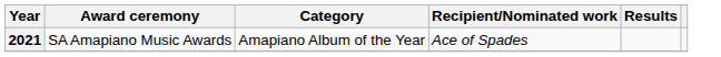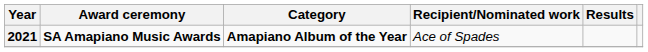 <table class="wikitable plainrowheaders">
 <tr>
 <th>Year</th>
 <th>Award ceremony</th>
 <th>Category</th>
 <th>Recipient/Nominated work</th>
 <th>Results</th>
 <th></th>
 </tr>
 <tr>
 <th scope="row">2021</th>
-<td>SA Amapiano Music Awards</td>
-<td>Amapiano Album of the Year</td>
+<td><strong>SA Amapiano Music Awards</strong></td>
+<td><strong>Amapiano Album of the Year</strong></td>
 <td><em>Ace of Spades</em></td>
 <td></td>
 <td></td>
 </tr>
 <tr>
 </tr>
 </table>
